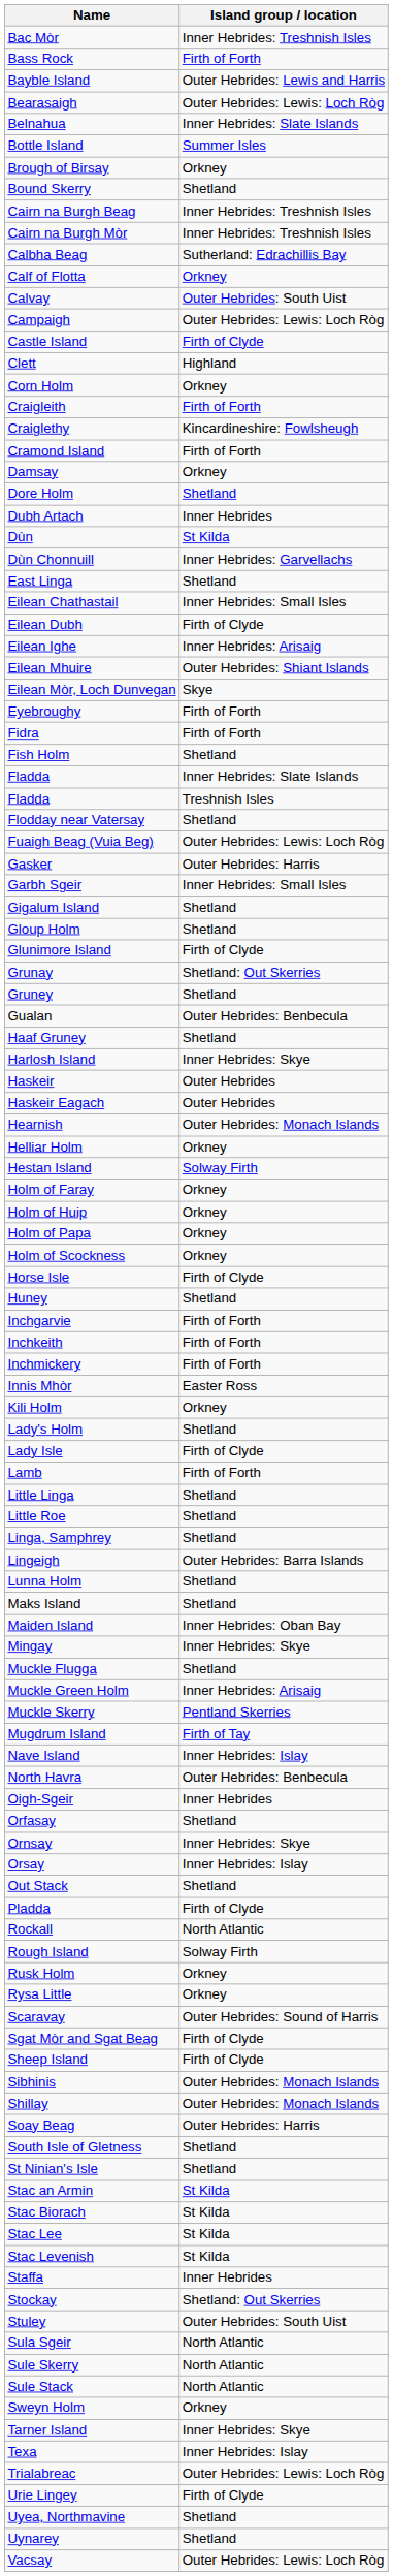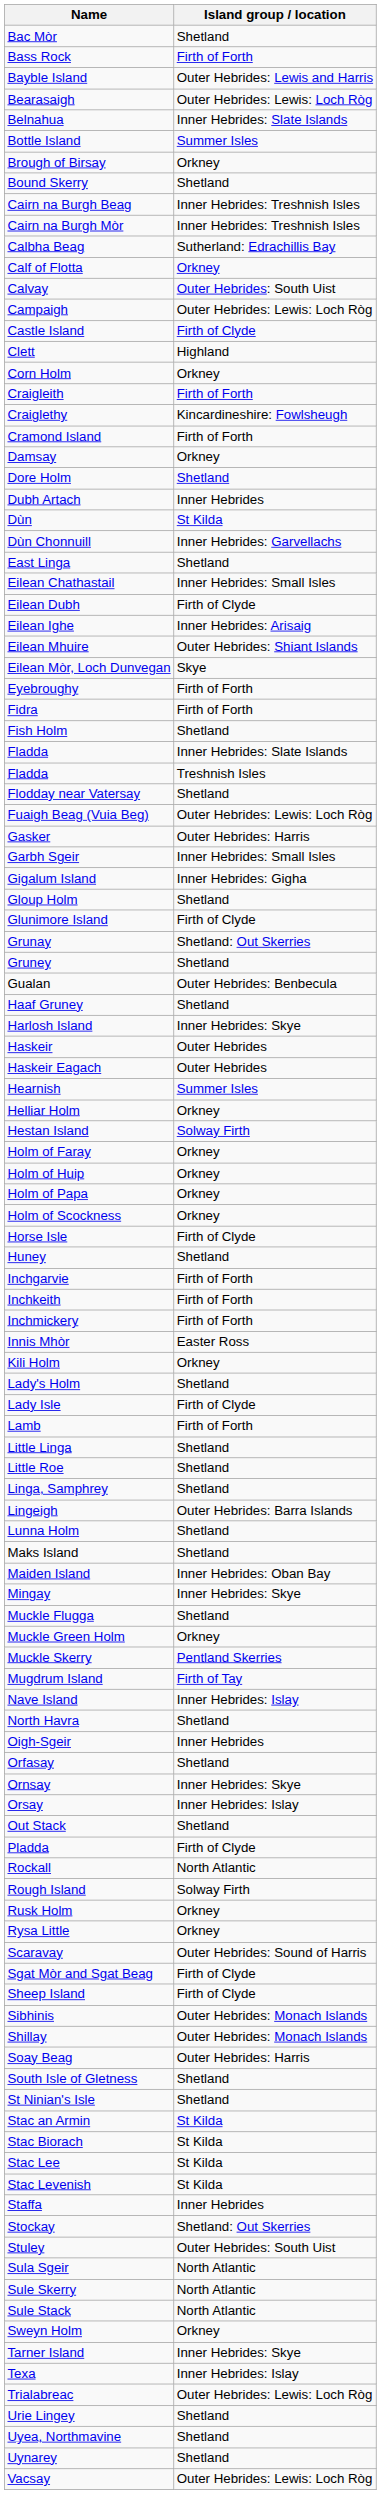 <table class="wikitable sortable">
 <tr>
 <th align=left>Name</th>
 <th align=left>Island group / location</th>
 </tr>
 <tr>
 <td><a href='#'>Bac Mòr</a></td>
-<td>Inner Hebrides: <a href='#'>Treshnish Isles</a></td>
+<td>Shetland</td>
 </tr>
 <tr>
 <td><a href='#'>Bass Rock</a></td>
 <td><a href='#'>Firth of Forth</a></td>
 </tr>
 <tr>
 <td><a href='#'>Bayble Island</a></td>
 <td>Outer Hebrides: <a href='#'>Lewis and Harris</a></td>
 </tr>
 <tr>
 <td><a href='#'>Bearasaigh</a></td>
 <td>Outer Hebrides: Lewis: <a href='#'>Loch Ròg</a></td>
 </tr>
 <tr>
 <td><a href='#'>Belnahua</a></td>
 <td>Inner Hebrides: <a href='#'>Slate Islands</a></td>
 </tr>
 <tr>
 <td><a href='#'>Bottle Island</a></td>
 <td><a href='#'>Summer Isles</a></td>
 </tr>
 <tr>
 <td><a href='#'>Brough of Birsay</a></td>
 <td>Orkney</td>
 </tr>
 <tr>
 <td><a href='#'>Bound Skerry</a></td>
 <td>Shetland</td>
 </tr>
 <tr>
 <td><a href='#'>Cairn na Burgh Beag</a></td>
 <td>Inner Hebrides: Treshnish Isles</td>
 </tr>
 <tr>
 <td><a href='#'>Cairn na Burgh Mòr</a></td>
 <td>Inner Hebrides: Treshnish Isles</td>
 </tr>
 <tr>
 <td><a href='#'>Calbha Beag</a></td>
 <td>Sutherland: <a href='#'>Edrachillis Bay</a></td>
 </tr>
 <tr>
 <td><a href='#'>Calf of Flotta</a></td>
 <td><a href='#'>Orkney</a></td>
 </tr>
 <tr>
 <td><a href='#'>Calvay</a></td>
 <td><a href='#'>Outer Hebrides</a>: South Uist</td>
 </tr>
 <tr>
 <td><a href='#'>Campaigh</a></td>
 <td>Outer Hebrides: Lewis: Loch Ròg</td>
 </tr>
 <tr>
 <td><a href='#'>Castle Island</a></td>
 <td><a href='#'>Firth of Clyde</a></td>
 </tr>
 <tr>
 <td><a href='#'>Clett</a></td>
 <td>Highland</td>
 </tr>
 <tr>
 <td><a href='#'>Corn Holm</a></td>
 <td>Orkney</td>
 </tr>
 <tr>
 <td><a href='#'>Craigleith</a></td>
 <td><a href='#'>Firth of Forth</a></td>
 </tr>
 <tr>
 <td><a href='#'>Craiglethy</a></td>
 <td>Kincardineshire: <a href='#'>Fowlsheugh</a></td>
 </tr>
 <tr>
 <td><a href='#'>Cramond Island</a></td>
 <td>Firth of Forth</td>
 </tr>
 <tr>
 <td><a href='#'>Damsay</a></td>
 <td>Orkney</td>
 </tr>
 <tr>
 <td><a href='#'>Dore Holm</a></td>
 <td><a href='#'>Shetland</a></td>
 </tr>
 <tr>
 <td><a href='#'>Dubh Artach</a></td>
 <td>Inner Hebrides</td>
 </tr>
 <tr>
 <td><a href='#'>Dùn</a></td>
 <td><a href='#'>St Kilda</a></td>
 </tr>
 <tr>
 <td><a href='#'>Dùn Chonnuill</a></td>
 <td>Inner Hebrides: <a href='#'>Garvellachs</a></td>
 </tr>
 <tr>
 <td><a href='#'>East Linga</a></td>
 <td>Shetland</td>
 </tr>
 <tr>
 <td><a href='#'>Eilean Chathastail</a></td>
 <td>Inner Hebrides: Small Isles</td>
 </tr>
 <tr>
 <td><a href='#'>Eilean Dubh</a></td>
 <td>Firth of Clyde</td>
 </tr>
 <tr>
 <td><a href='#'>Eilean Ighe</a></td>
 <td>Inner Hebrides: <a href='#'>Arisaig</a></td>
 </tr>
 <tr>
 <td><a href='#'>Eilean Mhuire</a></td>
 <td>Outer Hebrides: <a href='#'>Shiant Islands</a></td>
 </tr>
 <tr>
 <td><a href='#'>Eilean Mòr, Loch Dunvegan</a></td>
 <td>Skye</td>
 </tr>
 <tr>
 <td><a href='#'>Eyebroughy</a></td>
 <td>Firth of Forth</td>
 </tr>
 <tr>
 <td><a href='#'>Fidra</a></td>
 <td>Firth of Forth</td>
 </tr>
 <tr>
 <td><a href='#'>Fish Holm</a></td>
 <td>Shetland</td>
 </tr>
 <tr>
 <td><a href='#'>Fladda</a></td>
 <td>Inner Hebrides: Slate Islands</td>
 </tr>
 <tr>
 <td><a href='#'>Fladda</a></td>
 <td>Treshnish Isles</td>
 </tr>
 <tr>
 <td><a href='#'>Flodday near Vatersay</a></td>
 <td>Shetland</td>
 </tr>
 <tr>
 <td><a href='#'>Fuaigh Beag (Vuia Beg)</a></td>
 <td>Outer Hebrides: Lewis: Loch Ròg</td>
 </tr>
 <tr>
 <td><a href='#'>Gasker</a></td>
 <td>Outer Hebrides: Harris</td>
 </tr>
 <tr>
 <td><a href='#'>Garbh Sgeir</a></td>
 <td>Inner Hebrides: Small Isles</td>
 </tr>
 <tr>
 <td><a href='#'>Gigalum Island</a></td>
-<td>Shetland</td>
+<td>Inner Hebrides: Gigha</td>
 </tr>
 <tr>
 <td><a href='#'>Gloup Holm</a></td>
 <td>Shetland</td>
 </tr>
 <tr>
 <td><a href='#'>Glunimore Island</a></td>
 <td>Firth of Clyde</td>
 </tr>
 <tr>
 <td><a href='#'>Grunay</a></td>
 <td>Shetland: <a href='#'>Out Skerries</a></td>
 </tr>
 <tr>
 <td><a href='#'>Gruney</a></td>
 <td>Shetland</td>
 </tr>
 <tr>
 <td>Gualan</td>
 <td>Outer Hebrides: Benbecula</td>
 </tr>
 <tr>
 <td><a href='#'>Haaf Gruney</a></td>
 <td>Shetland</td>
 </tr>
 <tr>
 <td><a href='#'>Harlosh Island</a></td>
 <td>Inner Hebrides: Skye</td>
 </tr>
 <tr>
 <td><a href='#'>Haskeir</a></td>
 <td>Outer Hebrides</td>
 </tr>
 <tr>
 <td><a href='#'>Haskeir Eagach</a></td>
 <td>Outer Hebrides</td>
 </tr>
 <tr>
 <td><a href='#'>Hearnish</a></td>
-<td>Outer Hebrides: <a href='#'>Monach Islands</a></td>
+<td><a href='#'>Summer Isles</a></td>
 </tr>
 <tr>
 <td><a href='#'>Helliar Holm</a></td>
 <td>Orkney</td>
 </tr>
 <tr>
 <td><a href='#'>Hestan Island</a></td>
 <td><a href='#'>Solway Firth</a></td>
 </tr>
 <tr>
 <td><a href='#'>Holm of Faray</a></td>
 <td>Orkney</td>
 </tr>
 <tr>
 <td><a href='#'>Holm of Huip</a></td>
 <td>Orkney</td>
 </tr>
 <tr>
 <td><a href='#'>Holm of Papa</a></td>
 <td>Orkney</td>
 </tr>
 <tr>
 <td><a href='#'>Holm of Scockness</a></td>
 <td>Orkney</td>
 </tr>
 <tr>
 <td><a href='#'>Horse Isle</a></td>
 <td>Firth of Clyde</td>
 </tr>
 <tr>
 <td><a href='#'>Huney</a></td>
 <td>Shetland</td>
 </tr>
 <tr>
 <td><a href='#'>Inchgarvie</a></td>
 <td>Firth of Forth</td>
 </tr>
 <tr>
 <td><a href='#'>Inchkeith</a></td>
 <td>Firth of Forth</td>
 </tr>
 <tr>
 <td><a href='#'>Inchmickery</a></td>
 <td>Firth of Forth</td>
 </tr>
 <tr>
 <td><a href='#'>Innis Mhòr</a></td>
 <td>Easter Ross</td>
 </tr>
 <tr>
 <td><a href='#'>Kili Holm</a></td>
 <td>Orkney</td>
 </tr>
 <tr>
 <td><a href='#'>Lady's Holm</a></td>
 <td>Shetland</td>
 </tr>
 <tr>
 <td><a href='#'>Lady Isle</a></td>
 <td>Firth of Clyde</td>
 </tr>
 <tr>
 <td><a href='#'>Lamb</a></td>
 <td>Firth of Forth</td>
 </tr>
 <tr>
 <td><a href='#'>Little Linga</a></td>
 <td>Shetland</td>
 </tr>
 <tr>
 <td><a href='#'>Little Roe</a></td>
 <td>Shetland</td>
 </tr>
 <tr>
 <td><a href='#'>Linga, Samphrey</a></td>
 <td>Shetland</td>
 </tr>
 <tr>
 <td><a href='#'>Lingeigh</a></td>
 <td>Outer Hebrides: Barra Islands</td>
 </tr>
 <tr>
 <td><a href='#'>Lunna Holm</a></td>
 <td>Shetland</td>
 </tr>
 <tr>
 <td>Maks Island</td>
 <td>Shetland</td>
 </tr>
 <tr>
 <td><a href='#'>Maiden Island</a></td>
 <td>Inner Hebrides: Oban Bay</td>
 </tr>
 <tr>
 <td><a href='#'>Mingay</a></td>
 <td>Inner Hebrides: Skye</td>
 </tr>
 <tr>
 <td><a href='#'>Muckle Flugga</a></td>
 <td>Shetland</td>
 </tr>
 <tr>
 <td><a href='#'>Muckle Green Holm</a></td>
-<td>Inner Hebrides: <a href='#'>Arisaig</a></td>
+<td>Orkney</td>
 </tr>
 <tr>
 <td><a href='#'>Muckle Skerry</a></td>
 <td><a href='#'>Pentland Skerries</a></td>
 </tr>
 <tr>
 <td><a href='#'>Mugdrum Island</a></td>
 <td><a href='#'>Firth of Tay</a></td>
 </tr>
 <tr>
 <td><a href='#'>Nave Island</a></td>
 <td>Inner Hebrides: <a href='#'>Islay</a></td>
 </tr>
 <tr>
 <td><a href='#'>North Havra</a></td>
-<td>Outer Hebrides: Benbecula</td>
+<td>Shetland</td>
 </tr>
 <tr>
 <td><a href='#'>Oigh-Sgeir</a></td>
 <td>Inner Hebrides</td>
 </tr>
 <tr>
 <td><a href='#'>Orfasay</a></td>
 <td>Shetland</td>
 </tr>
 <tr>
 <td><a href='#'>Ornsay</a></td>
 <td>Inner Hebrides: Skye</td>
 </tr>
 <tr>
 <td><a href='#'>Orsay</a></td>
 <td>Inner Hebrides: Islay</td>
 </tr>
 <tr>
 <td><a href='#'>Out Stack</a></td>
 <td>Shetland</td>
 </tr>
 <tr>
 <td><a href='#'>Pladda</a></td>
 <td>Firth of Clyde</td>
 </tr>
 <tr>
 <td><a href='#'>Rockall</a></td>
 <td>North Atlantic</td>
 </tr>
 <tr>
 <td><a href='#'>Rough Island</a></td>
 <td>Solway Firth</td>
 </tr>
 <tr>
 <td><a href='#'>Rusk Holm</a></td>
 <td>Orkney</td>
 </tr>
 <tr>
 <td><a href='#'>Rysa Little</a></td>
 <td>Orkney</td>
 </tr>
 <tr>
 <td><a href='#'>Scaravay</a></td>
 <td>Outer Hebrides: Sound of Harris</td>
 </tr>
 <tr>
 <td><a href='#'>Sgat Mòr and Sgat Beag</a></td>
 <td>Firth of Clyde</td>
 </tr>
 <tr>
 <td><a href='#'>Sheep Island</a></td>
 <td>Firth of Clyde</td>
 </tr>
 <tr>
 <td><a href='#'>Sibhinis</a></td>
 <td>Outer Hebrides: <a href='#'>Monach Islands</a></td>
 </tr>
 <tr>
 <td><a href='#'>Shillay</a></td>
 <td>Outer Hebrides: <a href='#'>Monach Islands</a></td>
 </tr>
 <tr>
 <td><a href='#'>Soay Beag</a></td>
 <td>Outer Hebrides: Harris</td>
 </tr>
 <tr>
 <td><a href='#'>South Isle of Gletness</a></td>
 <td>Shetland</td>
 </tr>
 <tr>
 <td><a href='#'>St Ninian's Isle</a></td>
 <td>Shetland</td>
 </tr>
 <tr>
 <td><a href='#'>Stac an Armin</a></td>
 <td><a href='#'>St Kilda</a></td>
 </tr>
 <tr>
 <td><a href='#'>Stac Biorach</a></td>
 <td>St Kilda</td>
 </tr>
 <tr>
 <td><a href='#'>Stac Lee</a></td>
 <td>St Kilda</td>
 </tr>
 <tr>
 <td><a href='#'>Stac Levenish</a></td>
 <td>St Kilda</td>
 </tr>
 <tr>
 <td><a href='#'>Staffa</a></td>
 <td>Inner Hebrides</td>
 </tr>
 <tr>
 <td><a href='#'>Stockay</a></td>
 <td>Shetland: <a href='#'>Out Skerries</a></td>
 </tr>
 <tr>
 <td><a href='#'>Stuley</a></td>
 <td>Outer Hebrides: South Uist</td>
 </tr>
 <tr>
 <td><a href='#'>Sula Sgeir</a></td>
 <td>North Atlantic</td>
 </tr>
 <tr>
 <td><a href='#'>Sule Skerry</a></td>
 <td>North Atlantic</td>
 </tr>
 <tr>
 <td><a href='#'>Sule Stack</a></td>
 <td>North Atlantic</td>
 </tr>
 <tr>
 <td><a href='#'>Sweyn Holm</a></td>
 <td>Orkney</td>
 </tr>
 <tr>
 <td><a href='#'>Tarner Island</a></td>
 <td>Inner Hebrides: Skye</td>
 </tr>
 <tr>
 <td><a href='#'>Texa</a></td>
 <td>Inner Hebrides: Islay</td>
 </tr>
 <tr>
 <td><a href='#'>Trialabreac</a></td>
 <td>Outer Hebrides: Lewis: Loch Ròg</td>
 </tr>
 <tr>
 <td><a href='#'>Urie Lingey</a></td>
-<td>Firth of Clyde</td>
+<td>Shetland</td>
 </tr>
 <tr>
 <td><a href='#'>Uyea, Northmavine</a></td>
 <td>Shetland</td>
 </tr>
 <tr>
 <td><a href='#'>Uynarey</a></td>
 <td>Shetland</td>
 </tr>
 <tr>
 <td><a href='#'>Vacsay</a></td>
 <td>Outer Hebrides: Lewis: Loch Ròg</td>
 </tr>
 </table>
